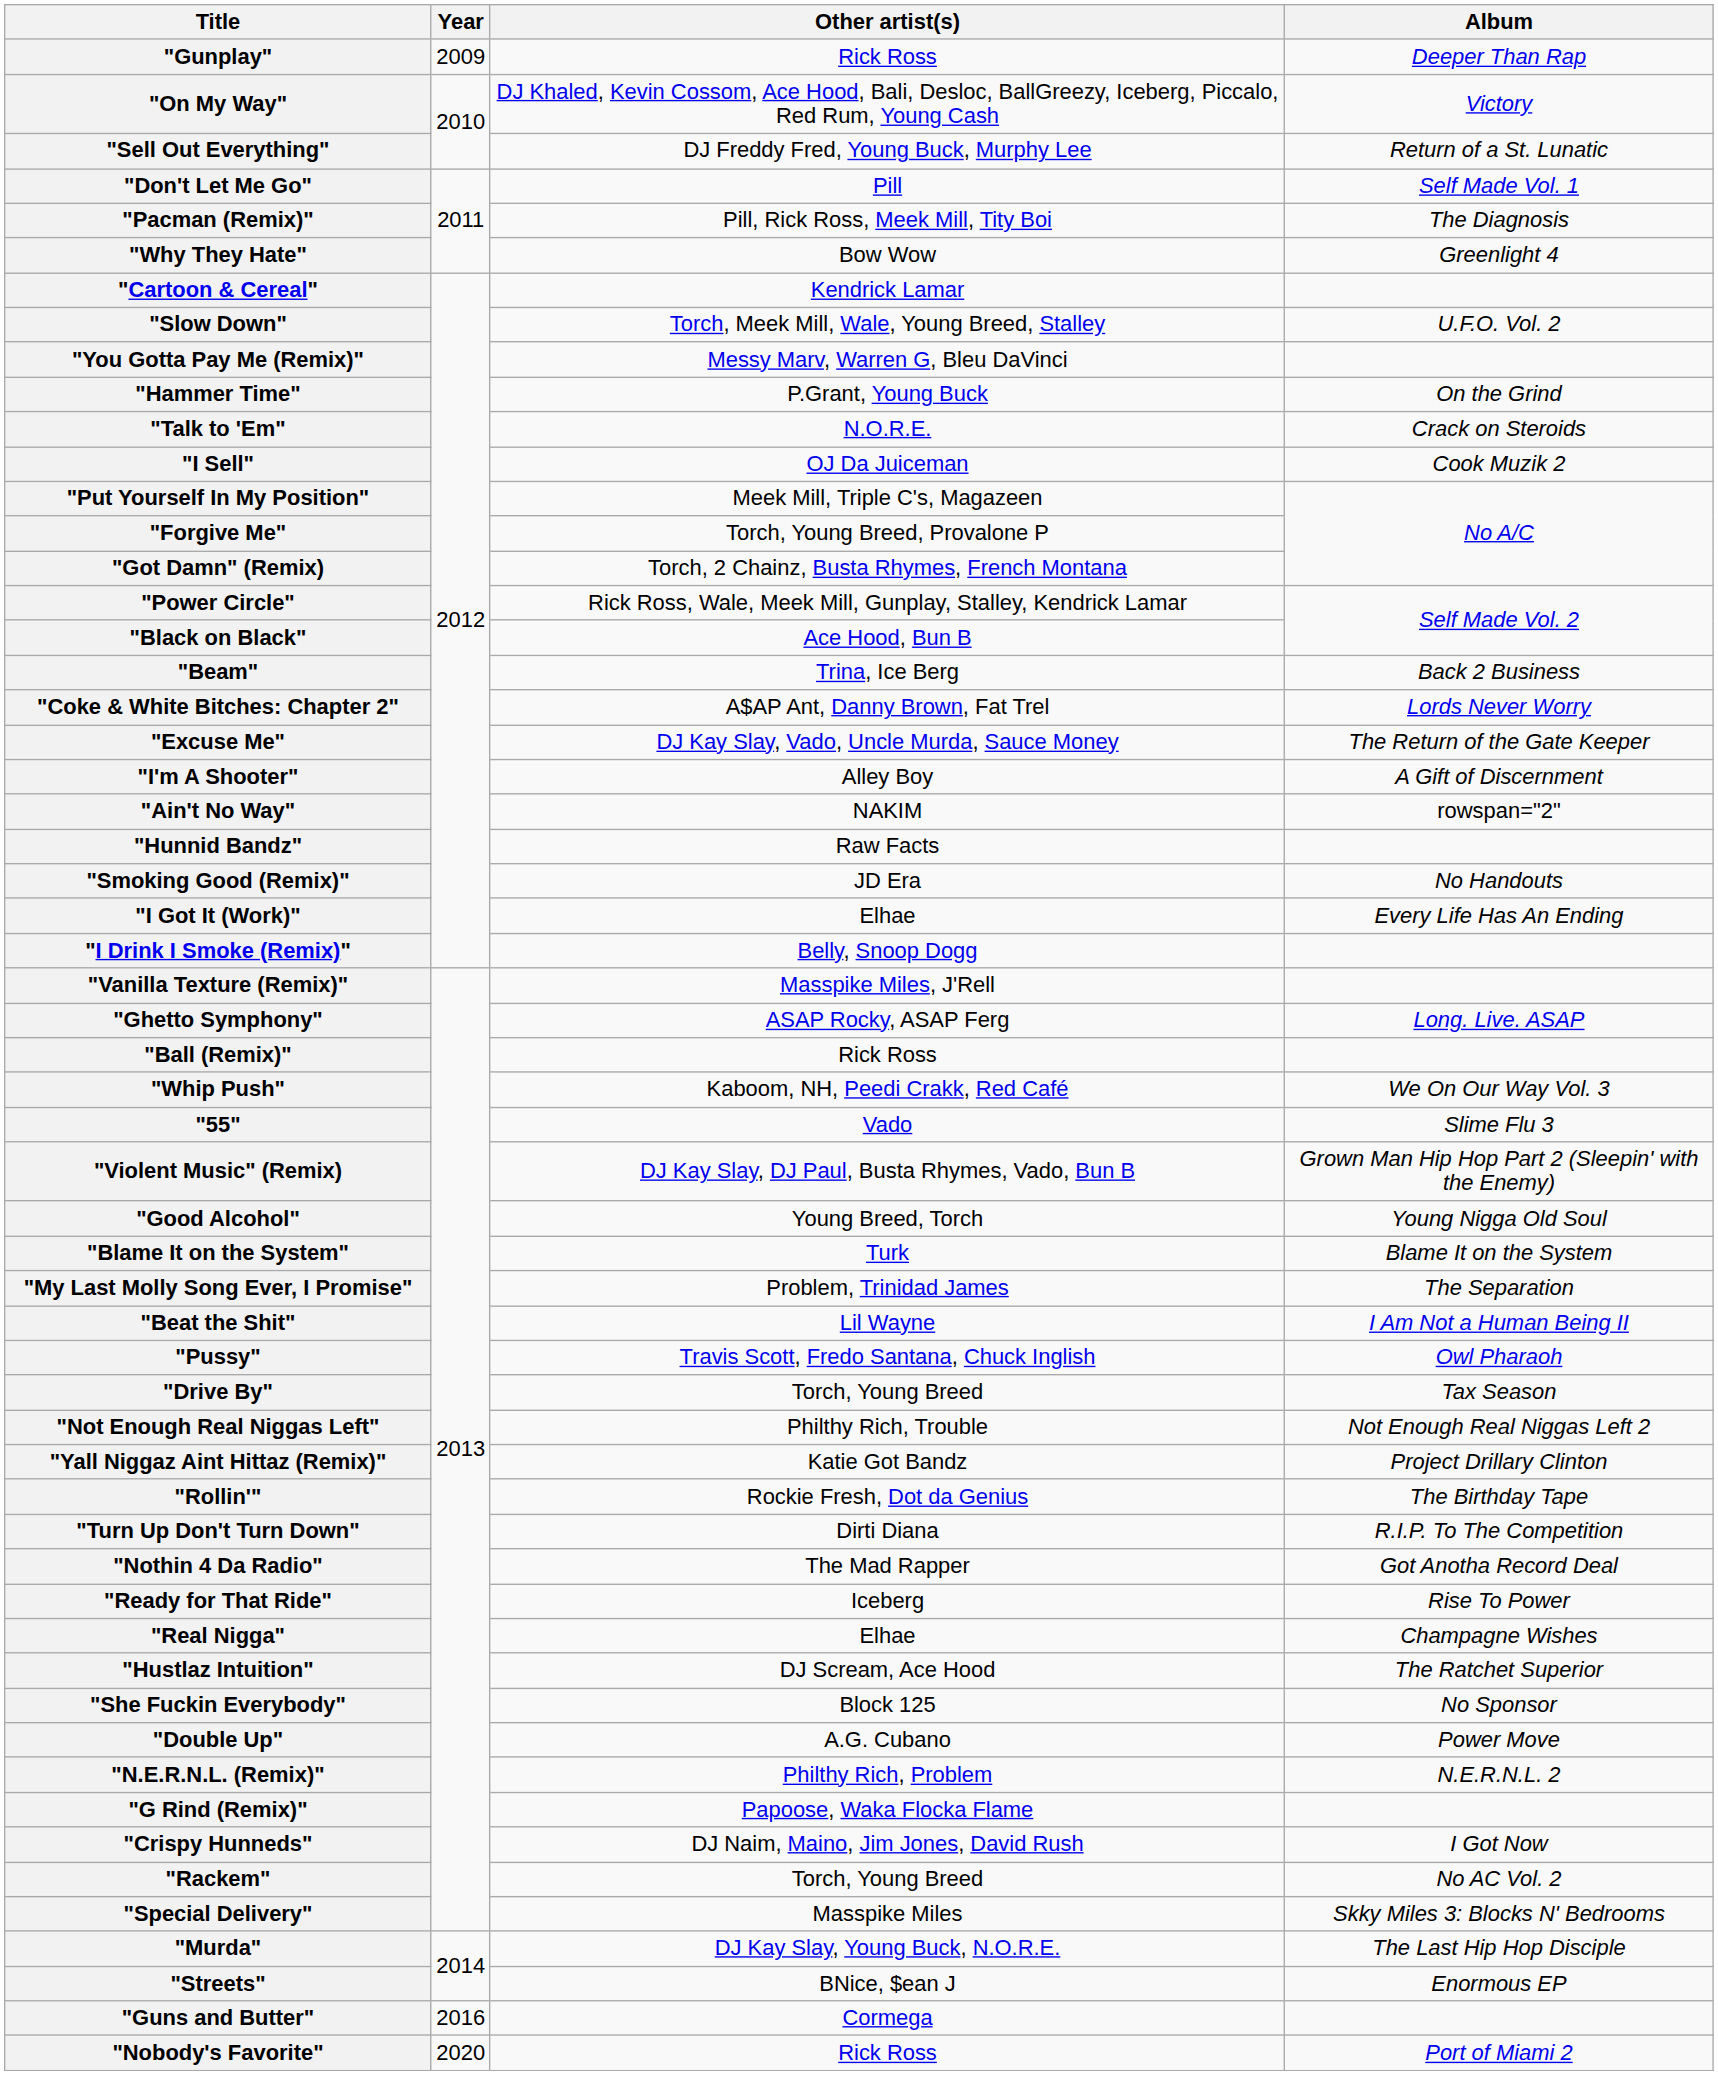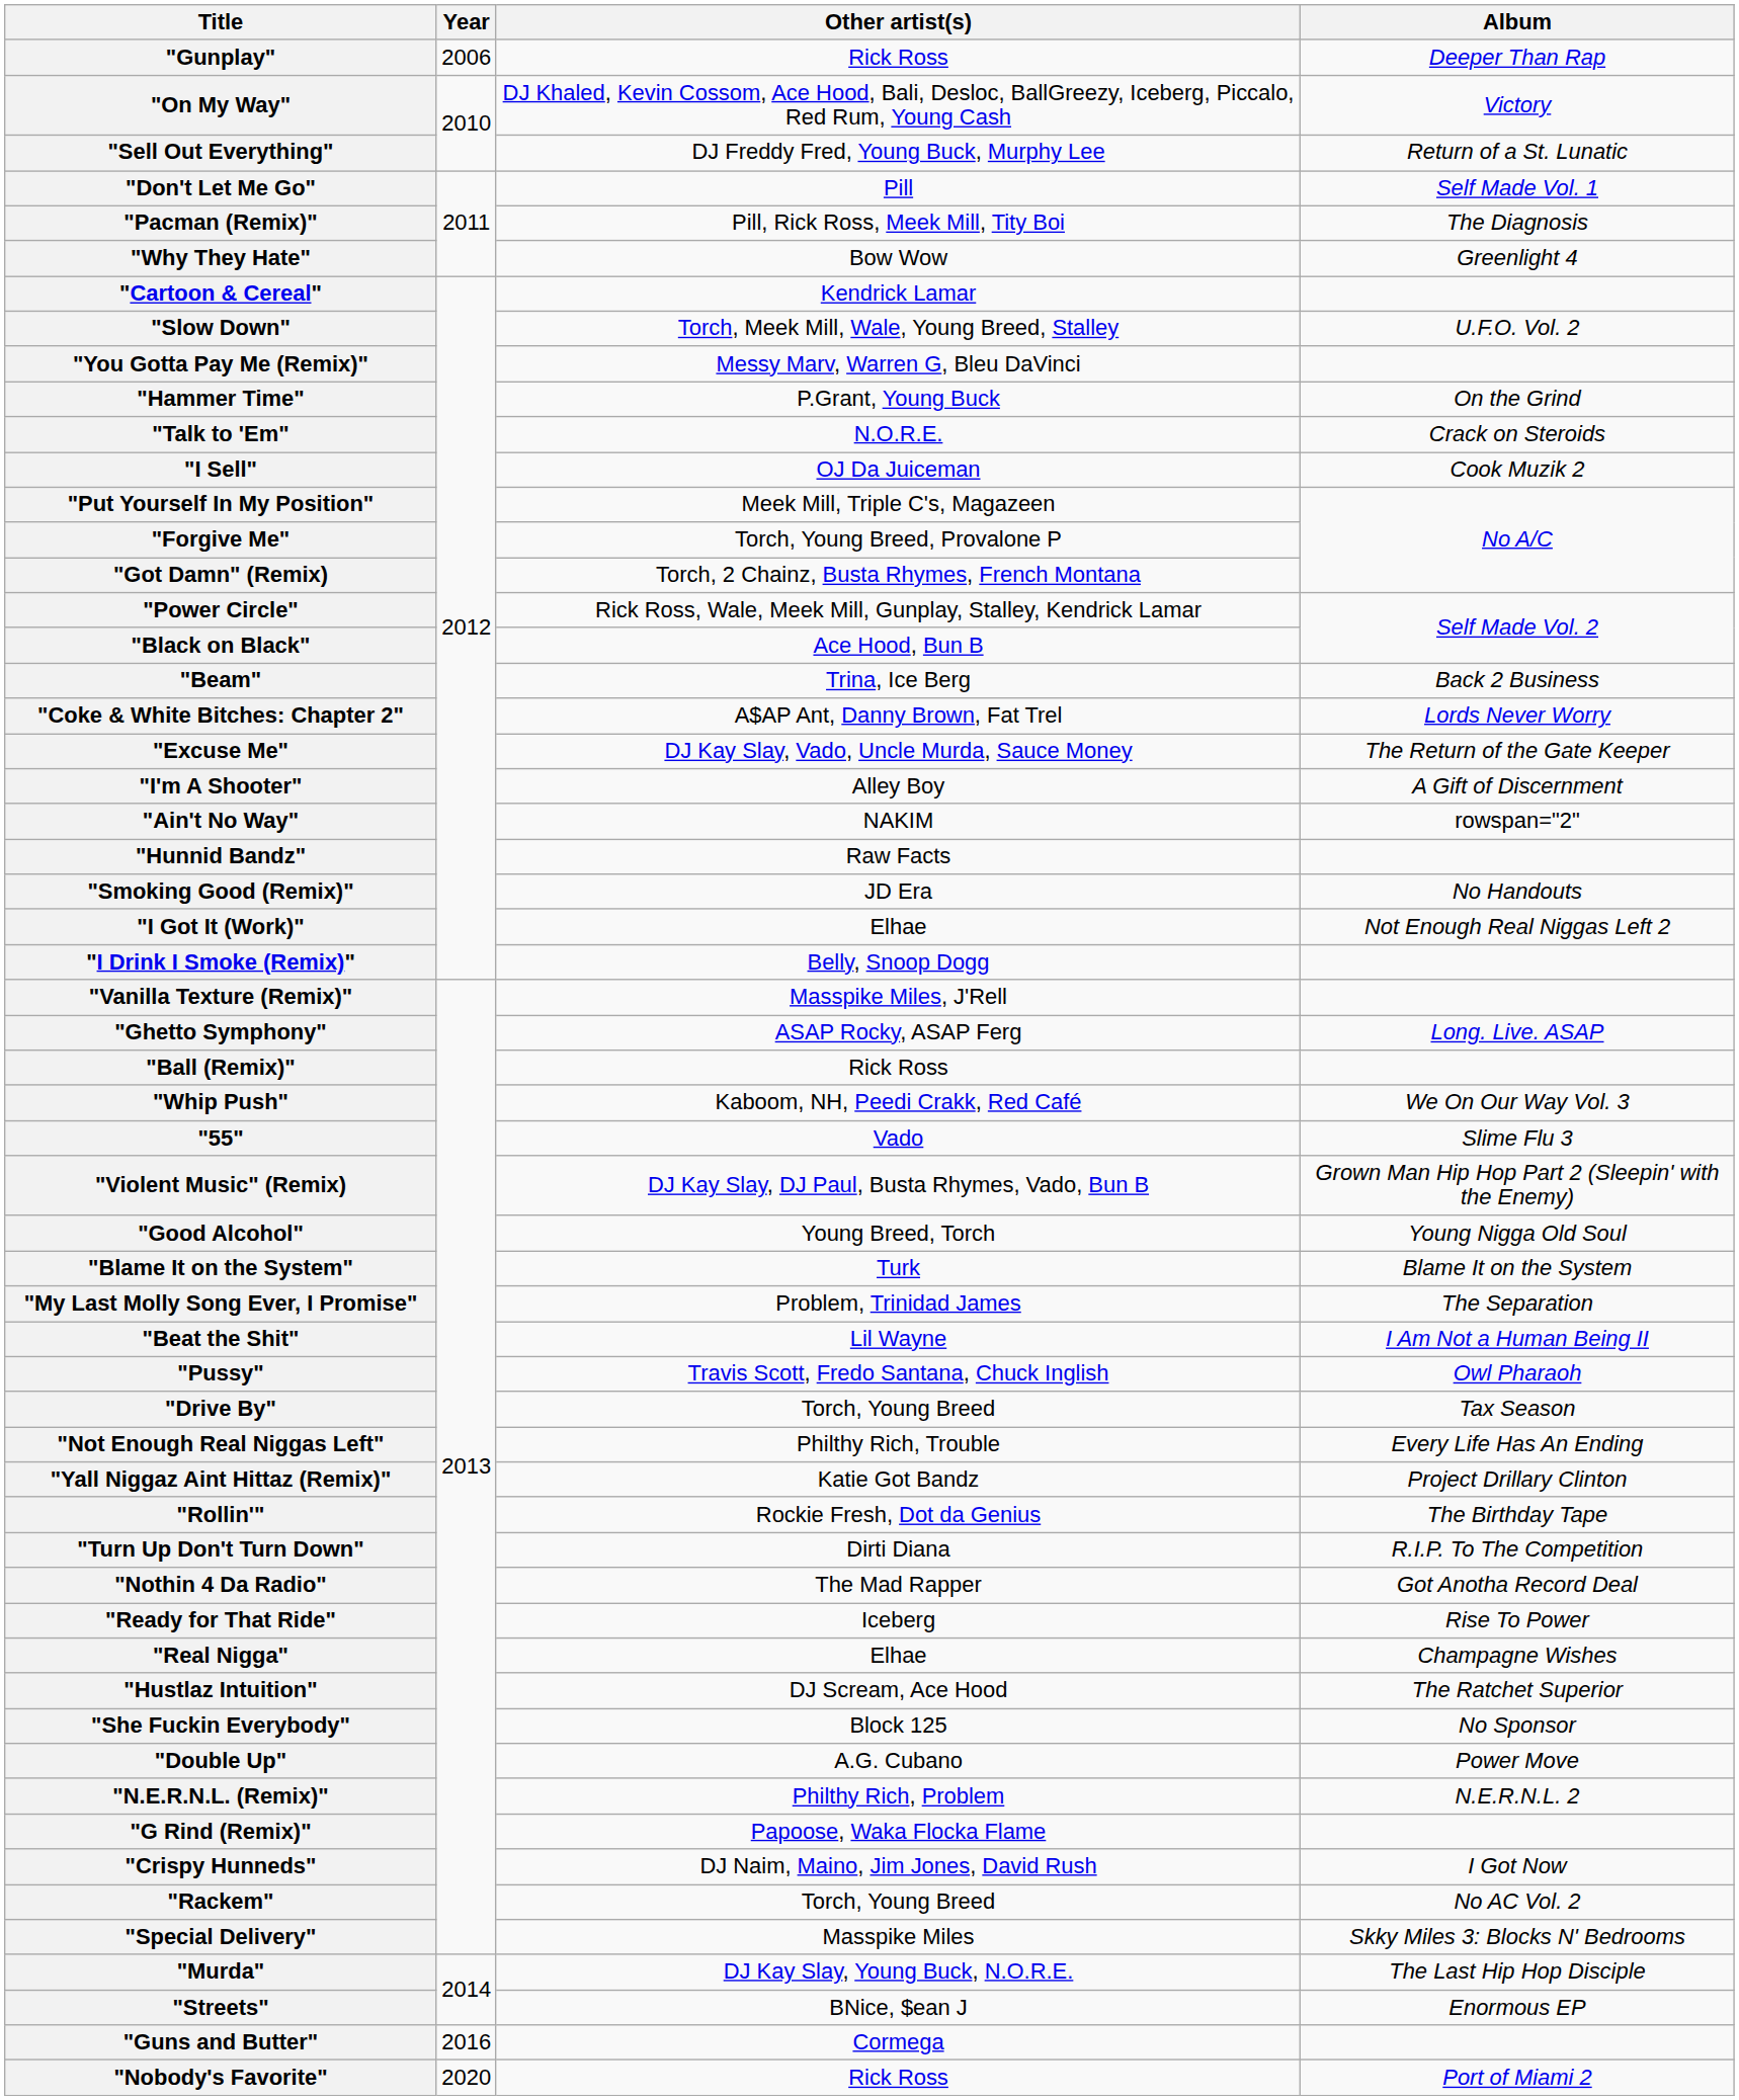 <table class="wikitable plainrowheaders" style="text-align:center;">
 <tr>
 <th scope="col" style="width:19em;">Title</th>
 <th scope="col">Year</th>
 <th scope="col">Other artist(s)</th>
 <th scope="col">Album</th>
 </tr>
 <tr>
 <th scope="row">"Gunplay"</th>
-<td>2009</td>
+<td>2006</td>
 <td><a href='#'>Rick Ross</a></td>
 <td><em><a href='#'>Deeper Than Rap</a></em></td>
 </tr>
 <tr>
 <th scope="row">"On My Way"</th>
 <td rowspan="2">2010</td>
 <td><a href='#'>DJ Khaled</a>, <a href='#'>Kevin Cossom</a>, <a href='#'>Ace Hood</a>, Bali, Desloc, BallGreezy, Iceberg, Piccalo, Red Rum, <a href='#'>Young Cash</a></td>
 <td><em><a href='#'>Victory</a></em></td>
 </tr>
 <tr>
 <th scope="row">"Sell Out Everything"</th>
 <td>DJ Freddy Fred, <a href='#'>Young Buck</a>, <a href='#'>Murphy Lee</a></td>
 <td><em>Return of a St. Lunatic</em></td>
 </tr>
 <tr>
 <th scope="row">"Don't Let Me Go"</th>
 <td rowspan="3">2011</td>
 <td><a href='#'>Pill</a></td>
 <td><em><a href='#'>Self Made Vol. 1</a></em></td>
 </tr>
 <tr>
 <th scope="row">"Pacman (Remix)"</th>
 <td>Pill, Rick Ross, <a href='#'>Meek Mill</a>, <a href='#'>Tity Boi</a></td>
 <td><em>The Diagnosis</em></td>
 </tr>
 <tr>
 <th scope="row">"Why They Hate"</th>
 <td>Bow Wow</td>
 <td><em>Greenlight 4</em></td>
 </tr>
 <tr>
 <th scope="row">"<a href='#'>Cartoon & Cereal</a>"</th>
 <td rowspan="20">2012</td>
 <td><a href='#'>Kendrick Lamar</a></td>
 <td></td>
 </tr>
 <tr>
 <th scope="row">"Slow Down"</th>
 <td><a href='#'>Torch</a>, Meek Mill, <a href='#'>Wale</a>, Young Breed, <a href='#'>Stalley</a></td>
 <td><em>U.F.O. Vol. 2</em></td>
 </tr>
 <tr>
 <th scope="row">"You Gotta Pay Me (Remix)"</th>
 <td><a href='#'>Messy Marv</a>, <a href='#'>Warren G</a>, Bleu DaVinci</td>
 <td></td>
 </tr>
 <tr>
 <th scope="row">"Hammer Time"</th>
 <td>P.Grant, <a href='#'>Young Buck</a></td>
 <td><em>On the Grind</em></td>
 </tr>
 <tr>
 <th scope="row">"Talk to 'Em"</th>
 <td><a href='#'>N.O.R.E.</a></td>
 <td><em>Crack on Steroids</em></td>
 </tr>
 <tr>
 <th scope="row">"I Sell"</th>
 <td><a href='#'>OJ Da Juiceman</a></td>
 <td><em>Cook Muzik 2</em></td>
 </tr>
 <tr>
 <th scope="row">"Put Yourself In My Position"</th>
 <td>Meek Mill, Triple C's, Magazeen</td>
 <td rowspan="3"><em><a href='#'>No A/C</a></em></td>
 </tr>
 <tr>
 <th scope="row">"Forgive Me"</th>
 <td>Torch, Young Breed, Provalone P</td>
 </tr>
 <tr>
 <th scope="row">"Got Damn" (Remix)</th>
 <td>Torch, 2 Chainz, <a href='#'>Busta Rhymes</a>, <a href='#'>French Montana</a></td>
 </tr>
 <tr>
 <th scope="row">"Power Circle"</th>
 <td>Rick Ross, Wale, Meek Mill, Gunplay, Stalley, Kendrick Lamar</td>
 <td rowspan="2"><em><a href='#'>Self Made Vol. 2</a></em></td>
 </tr>
 <tr>
 <th scope="row">"Black on Black"</th>
 <td><a href='#'>Ace Hood</a>, <a href='#'>Bun B</a></td>
 </tr>
 <tr>
 <th scope="row">"Beam"</th>
 <td><a href='#'>Trina</a>, Ice Berg</td>
 <td><em>Back 2 Business</em></td>
 </tr>
 <tr>
 <th scope="row">"Coke & White Bitches: Chapter 2"</th>
 <td>A$AP Ant, <a href='#'>Danny Brown</a>, Fat Trel</td>
 <td><em><a href='#'>Lords Never Worry</a></em></td>
 </tr>
 <tr>
 <th scope="row">"Excuse Me"</th>
 <td><a href='#'>DJ Kay Slay</a>, <a href='#'>Vado</a>, <a href='#'>Uncle Murda</a>, <a href='#'>Sauce Money</a></td>
 <td><em>The Return of the Gate Keeper</em></td>
 </tr>
 <tr>
 <th scope="row">"I'm A Shooter"</th>
 <td>Alley Boy</td>
 <td><em>A Gift of Discernment</em></td>
 </tr>
 <tr>
 <th scope="row">"Ain't No Way"</th>
 <td>NAKIM</td>
 <td>rowspan="2" </td>
 </tr>
 <tr>
 <th scope="row">"Hunnid Bandz"</th>
 <td>Raw Facts</td>
 </tr>
 <tr>
 <th scope="row">"Smoking Good (Remix)"</th>
 <td>JD Era</td>
 <td><em>No Handouts</em></td>
 </tr>
 <tr>
 <th scope="row">"I Got It (Work)"</th>
 <td>Elhae</td>
-<td><em>Every Life Has An Ending</em></td>
+<td><em>Not Enough Real Niggas Left 2</em></td>
 </tr>
 <tr>
 <th scope="row">"<a href='#'>I Drink I Smoke (Remix)</a>"</th>
 <td><a href='#'>Belly</a>, <a href='#'>Snoop Dogg</a></td>
 <td></td>
 </tr>
 <tr>
 <th scope="row">"Vanilla Texture (Remix)"</th>
 <td rowspan="27">2013</td>
 <td><a href='#'>Masspike Miles</a>, J'Rell</td>
 <td></td>
 </tr>
 <tr>
 <th scope="row">"Ghetto Symphony"</th>
 <td><a href='#'>ASAP Rocky</a>, ASAP Ferg</td>
 <td><em><a href='#'>Long. Live. ASAP</a></em></td>
 </tr>
 <tr>
 <th scope="row">"Ball (Remix)"</th>
 <td>Rick Ross</td>
 <td></td>
 </tr>
 <tr>
 <th scope="row">"Whip Push"</th>
 <td>Kaboom, NH, <a href='#'>Peedi Crakk</a>, <a href='#'>Red Café</a></td>
 <td><em>We On Our Way Vol. 3</em></td>
 </tr>
 <tr>
 <th scope="row">"55"</th>
 <td><a href='#'>Vado</a></td>
 <td><em>Slime Flu 3</em></td>
 </tr>
 <tr>
 <th scope="row">"Violent Music" (Remix)</th>
 <td><a href='#'>DJ Kay Slay</a>, <a href='#'>DJ Paul</a>, Busta Rhymes, Vado, <a href='#'>Bun B</a></td>
 <td><em>Grown Man Hip Hop Part 2 (Sleepin' with the Enemy)</em></td>
 </tr>
 <tr>
 <th scope="row">"Good Alcohol"</th>
 <td>Young Breed, Torch</td>
 <td><em>Young Nigga Old Soul</em></td>
 </tr>
 <tr>
 <th scope="row">"Blame It on the System"</th>
 <td><a href='#'>Turk</a></td>
 <td><em>Blame It on the System</em></td>
 </tr>
 <tr>
 <th scope="row">"My Last Molly Song Ever, I Promise"</th>
 <td>Problem, <a href='#'>Trinidad James</a></td>
 <td><em>The Separation</em></td>
 </tr>
 <tr>
 <th scope="row">"Beat the Shit"</th>
 <td><a href='#'>Lil Wayne</a></td>
 <td><em><a href='#'>I Am Not a Human Being II</a></em></td>
 </tr>
 <tr>
 <th scope="row">"Pussy"</th>
 <td><a href='#'>Travis Scott</a>, <a href='#'>Fredo Santana</a>, <a href='#'>Chuck Inglish</a></td>
 <td><em><a href='#'>Owl Pharaoh</a></em></td>
 </tr>
 <tr>
 <th scope="row">"Drive By"</th>
 <td>Torch, Young Breed</td>
 <td><em>Tax Season</em></td>
 </tr>
 <tr>
 <th scope="row">"Not Enough Real Niggas Left"</th>
 <td>Philthy Rich, Trouble</td>
-<td><em>Not Enough Real Niggas Left 2</em></td>
+<td><em>Every Life Has An Ending</em></td>
 </tr>
 <tr>
 <th scope="row">"Yall Niggaz Aint Hittaz (Remix)"</th>
 <td>Katie Got Bandz</td>
 <td><em>Project Drillary Clinton</em></td>
 </tr>
 <tr>
 <th scope="row">"Rollin'"</th>
 <td>Rockie Fresh, <a href='#'>Dot da Genius</a></td>
 <td><em>The Birthday Tape</em></td>
 </tr>
 <tr>
 <th scope="row">"Turn Up Don't Turn Down"</th>
 <td>Dirti Diana</td>
 <td><em>R.I.P. To The Competition</em></td>
 </tr>
 <tr>
 <th scope="row">"Nothin 4 Da Radio"</th>
 <td>The Mad Rapper</td>
 <td><em>Got Anotha Record Deal</em></td>
 </tr>
 <tr>
 <th scope="row">"Ready for That Ride"</th>
 <td>Iceberg</td>
 <td><em>Rise To Power</em></td>
 </tr>
 <tr>
 <th scope="row">"Real Nigga"</th>
 <td>Elhae</td>
 <td><em>Champagne Wishes</em></td>
 </tr>
 <tr>
 <th scope="row">"Hustlaz Intuition"</th>
 <td>DJ Scream, Ace Hood</td>
 <td><em>The Ratchet Superior</em></td>
 </tr>
 <tr>
 <th scope="row">"She Fuckin Everybody"</th>
 <td>Block 125</td>
 <td><em>No Sponsor</em></td>
 </tr>
 <tr>
 <th scope="row">"Double Up"</th>
 <td>A.G. Cubano</td>
 <td><em>Power Move</em></td>
 </tr>
 <tr>
 <th scope="row">"N.E.R.N.L. (Remix)"</th>
 <td><a href='#'>Philthy Rich</a>, <a href='#'>Problem</a></td>
 <td><em>N.E.R.N.L. 2</em></td>
 </tr>
 <tr>
 <th scope="row">"G Rind (Remix)"</th>
 <td><a href='#'>Papoose</a>, <a href='#'>Waka Flocka Flame</a></td>
 <td></td>
 </tr>
 <tr>
 <th scope="row">"Crispy Hunneds"</th>
 <td>DJ Naim, <a href='#'>Maino</a>, <a href='#'>Jim Jones</a>, <a href='#'>David Rush</a></td>
 <td><em>I Got Now</em></td>
 </tr>
 <tr>
 <th scope="row">"Rackem"</th>
 <td>Torch, Young Breed</td>
 <td><em>No AC Vol. 2</em></td>
 </tr>
 <tr>
 <th scope="row">"Special Delivery"</th>
 <td>Masspike Miles</td>
 <td><em>Skky Miles 3: Blocks N' Bedrooms</em></td>
 </tr>
 <tr>
 <th scope="row">"Murda"</th>
 <td rowspan="2">2014</td>
 <td><a href='#'>DJ Kay Slay</a>, <a href='#'>Young Buck</a>, <a href='#'>N.O.R.E.</a></td>
 <td><em>The Last Hip Hop Disciple</em></td>
 </tr>
 <tr>
 <th scope="row">"Streets"</th>
 <td>BNice, $ean J</td>
 <td><em>Enormous EP</em></td>
 </tr>
 <tr>
 <th scope="row">"Guns and Butter"</th>
 <td>2016</td>
 <td><a href='#'>Cormega</a></td>
 <td></td>
 </tr>
 <tr>
 <th scope="row">"Nobody's Favorite"</th>
 <td>2020</td>
 <td><a href='#'>Rick Ross</a></td>
 <td><em><a href='#'>Port of Miami 2</a></em></td>
 </tr>
 </table>
